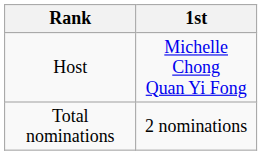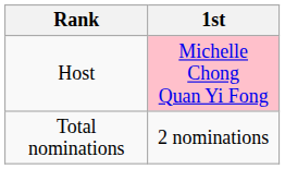 <table class="wikitable" border="1">
 <tr>
 <th width="110">Rank</th>
 <th width="100">1st</th>
 </tr>
 <tr align=center>
 <td>Host</td>
-<td><a href='#'>Michelle Chong</a><br><a href='#'>Quan Yi Fong</a></td>
+<td style="background: pink;"><a href='#'>Michelle Chong</a><br><a href='#'>Quan Yi Fong</a></td>
 </tr>
 <tr align=center>
 <td>Total nominations</td>
 <td>2 nominations</td>
 </tr>
 </table>
